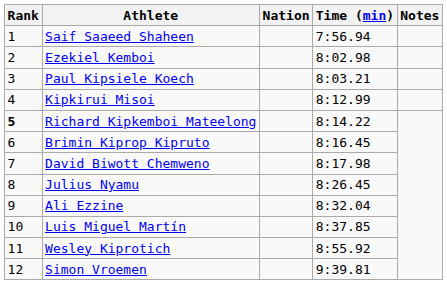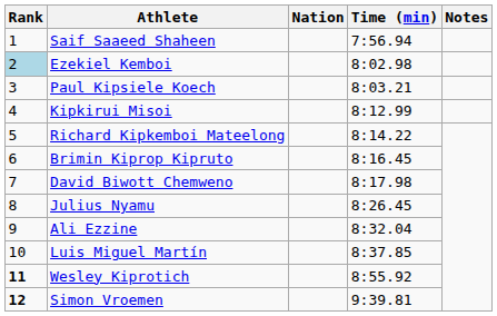 <table class="wikitable">
 <tr>
 </tr>
 <tr>
 <th>Rank</th>
 <th>Athlete</th>
 <th>Nation</th>
 <th>Time (<a href='#'>min</a>)</th>
 <th>Notes</th>
 </tr>
 <tr>
 <td>1</td>
 <td><a href='#'>Saif Saaeed Shaheen</a></td>
 <td></td>
 <td>7:56.94</td>
 <td></td>
 </tr>
 <tr>
-<td>2</td>
+<td style="background: lightblue;">2</td>
 <td><a href='#'>Ezekiel Kemboi</a></td>
 <td></td>
 <td>8:02.98</td>
 <td></td>
 </tr>
 <tr>
 <td>3</td>
 <td><a href='#'>Paul Kipsiele Koech</a></td>
 <td></td>
 <td>8:03.21</td>
 </tr>
 <tr>
 <td>4</td>
 <td><a href='#'>Kipkirui Misoi</a></td>
 <td></td>
 <td>8:12.99</td>
 <td></td>
 </tr>
 <tr>
-<td><strong>5</strong></td>
+<td>5</td>
 <td><a href='#'>Richard Kipkemboi Mateelong</a></td>
 <td></td>
 <td>8:14.22</td>
 </tr>
 <tr>
 <td>6</td>
 <td><a href='#'>Brimin Kiprop Kipruto</a></td>
 <td></td>
 <td>8:16.45</td>
 </tr>
 <tr>
 <td>7</td>
 <td><a href='#'>David Biwott Chemweno</a></td>
 <td></td>
 <td>8:17.98</td>
 </tr>
 <tr>
 <td>8</td>
 <td><a href='#'>Julius Nyamu</a></td>
 <td></td>
 <td>8:26.45</td>
 </tr>
 <tr>
 <td>9</td>
 <td><a href='#'>Ali Ezzine</a></td>
 <td></td>
 <td>8:32.04</td>
 </tr>
 <tr>
 <td>10</td>
 <td><a href='#'>Luis Miguel Martín</a></td>
 <td></td>
 <td>8:37.85</td>
 </tr>
 <tr>
-<td>11</td>
+<td><strong>11</strong></td>
 <td><a href='#'>Wesley Kiprotich</a></td>
 <td></td>
 <td>8:55.92</td>
 </tr>
 <tr>
-<td>12</td>
+<td><strong>12</strong></td>
 <td><a href='#'>Simon Vroemen</a></td>
 <td></td>
 <td>9:39.81</td>
 </tr>
 </table>
